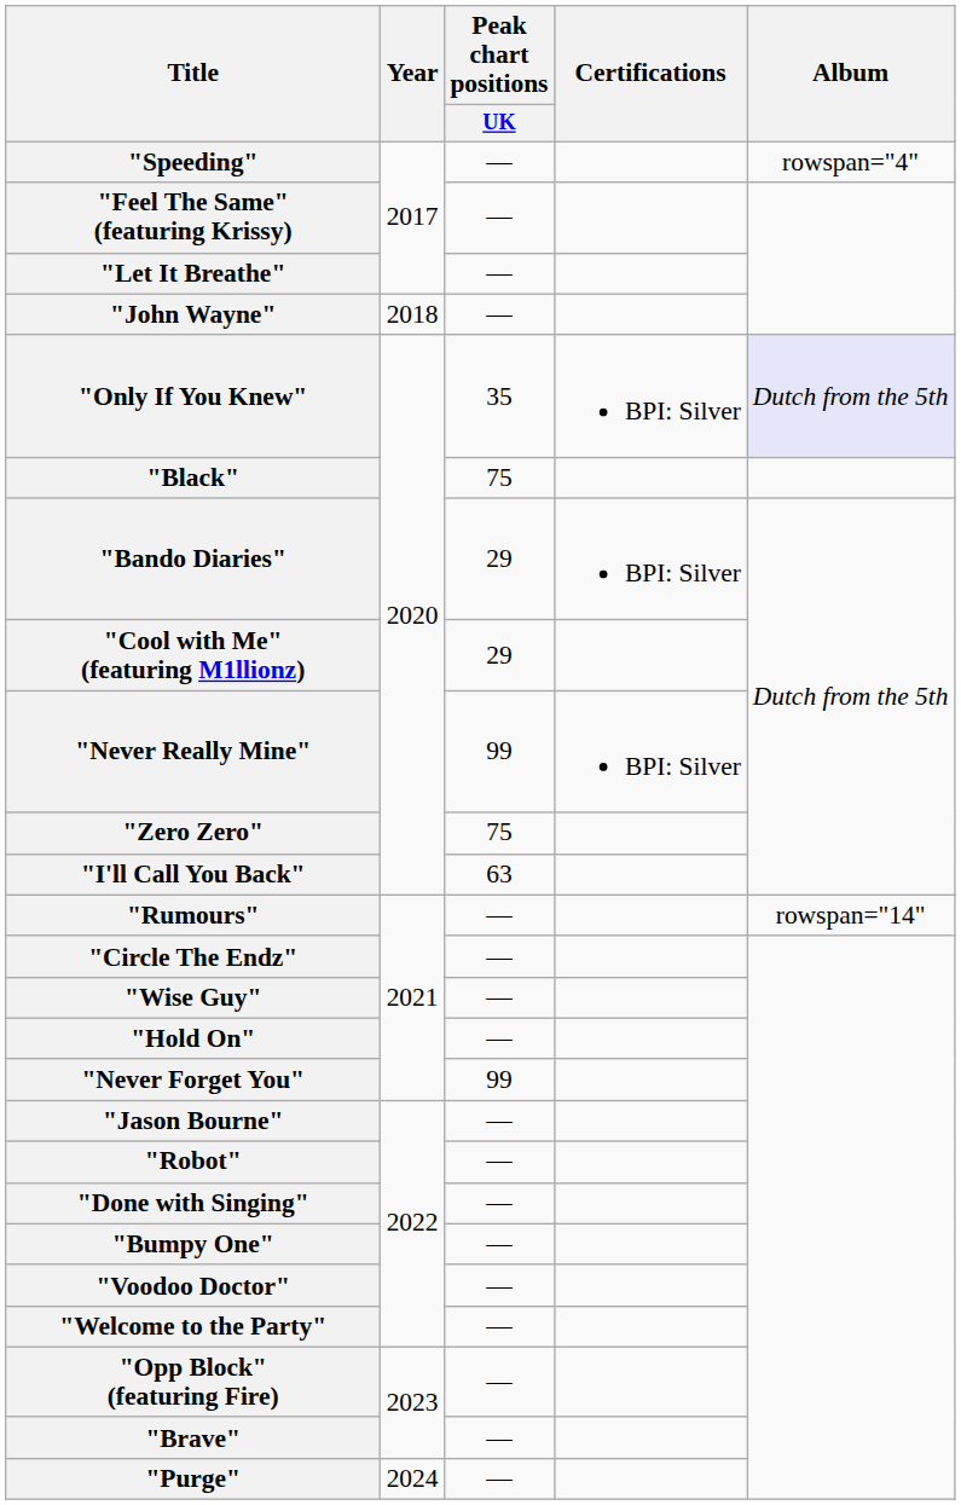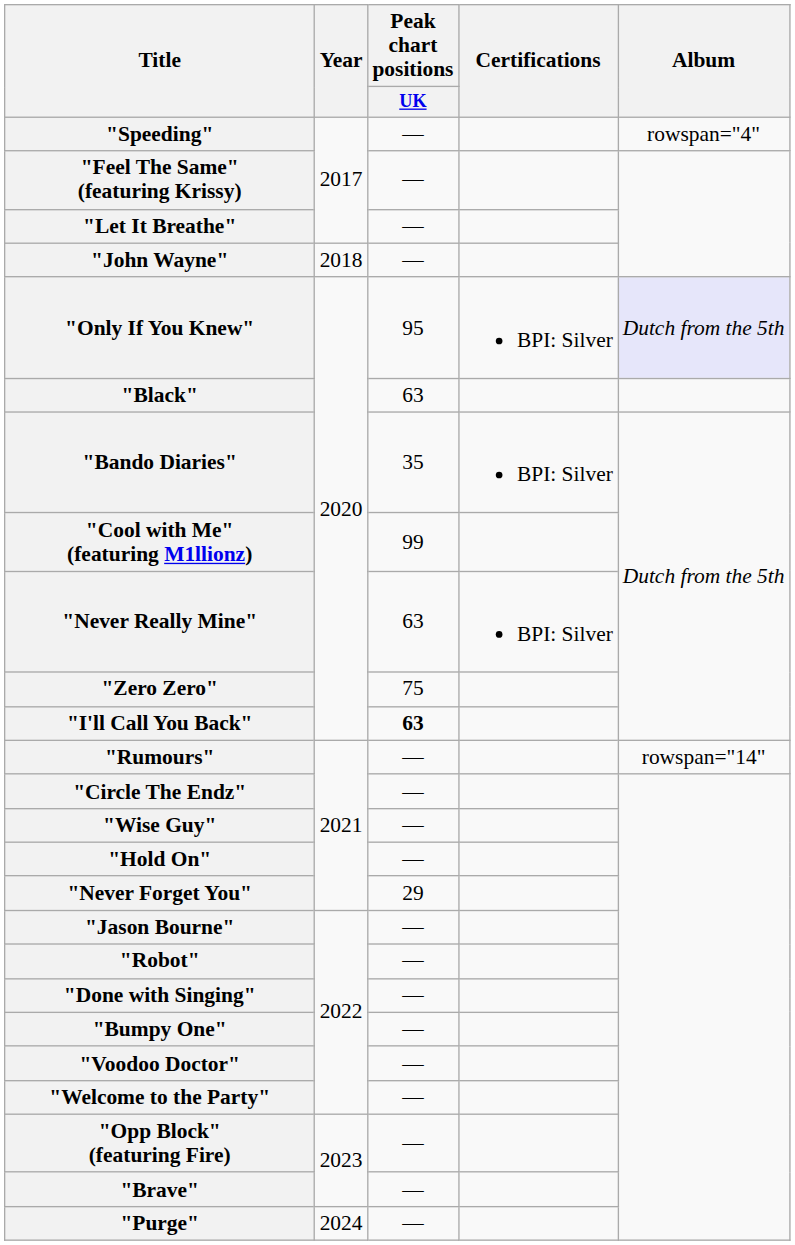 <table class="wikitable plainrowheaders" style="text-align:center;">
 <tr>
 <th scope="col" rowspan="2" style="width:14em;">Title</th>
 <th scope="col" rowspan="2" style="width:1em;">Year</th>
 <th scope="col" colspan="1">Peak chart positions</th>
 <th scope="col" rowspan="2">Certifications</th>
 <th scope="col" rowspan="2">Album</th>
 </tr>
 <tr>
 <th scope="col" style="width:3em;font-size:85%;"><a href='#'>UK</a><br></th>
 </tr>
 <tr>
 <th scope="row">"Speeding"</th>
 <td rowspan="3">2017</td>
 <td>—</td>
 <td></td>
 <td>rowspan="4" </td>
 </tr>
 <tr>
 <th scope="row">"Feel The Same"<br><span>(featuring Krissy)</span></th>
 <td>—</td>
 <td></td>
 </tr>
 <tr>
 <th scope="row">"Let It Breathe"</th>
 <td>—</td>
 <td></td>
 </tr>
 <tr>
 <th scope="row">"John Wayne"</th>
 <td>2018</td>
 <td>—</td>
 <td></td>
 </tr>
 <tr>
 <th scope="row">"Only If You Knew"</th>
 <td rowspan="7">2020</td>
-<td>35</td>
+<td>95</td>
 <td><br><ul><li>BPI: Silver</li></ul></td>
 <td style="background: lavender;"><em>Dutch from the 5th</em></td>
 </tr>
 <tr>
 <th scope="row">"Black"</th>
-<td>75</td>
+<td>63</td>
 <td></td>
 <td></td>
 </tr>
 <tr>
 <th scope="row">"Bando Diaries"</th>
-<td>29</td>
+<td>35</td>
 <td><br><ul><li>BPI: Silver</li></ul></td>
 <td rowspan="5"><em>Dutch from the 5th</em></td>
 </tr>
 <tr>
 <th scope="row">"Cool with Me"<br><span>(featuring <a href='#'>M1llionz</a>)</span></th>
-<td>29</td>
+<td>99</td>
 <td></td>
 </tr>
 <tr>
 <th scope="row">"Never Really Mine"</th>
-<td>99</td>
+<td>63</td>
 <td><br><ul><li>BPI: Silver</li></ul></td>
 </tr>
 <tr>
 <th scope="row">"Zero Zero"</th>
 <td>75</td>
 <td></td>
 </tr>
 <tr>
 <th scope="row">"I'll Call You Back"</th>
-<td>63</td>
+<td><strong>63</strong></td>
 <td></td>
 </tr>
 <tr>
 <th scope="row">"Rumours"</th>
 <td rowspan="5">2021</td>
 <td>—</td>
 <td></td>
 <td>rowspan="14" </td>
 </tr>
 <tr>
 <th scope="row">"Circle The Endz"</th>
 <td>—</td>
 <td></td>
 </tr>
 <tr>
 <th scope="row">"Wise Guy"</th>
 <td>—</td>
 <td></td>
 </tr>
 <tr>
 <th scope="row">"Hold On"</th>
 <td>—</td>
 <td></td>
 </tr>
 <tr>
 <th scope="row">"Never Forget You"</th>
-<td>99</td>
+<td>29</td>
 <td></td>
 </tr>
 <tr>
 <th scope="row">"Jason Bourne"</th>
 <td rowspan="6">2022</td>
 <td>—</td>
 <td></td>
 </tr>
 <tr>
 <th scope="row">"Robot"</th>
 <td>—</td>
 <td></td>
 </tr>
 <tr>
 <th scope="row">"Done with Singing"</th>
 <td>—</td>
 <td></td>
 </tr>
 <tr>
 <th scope="row">"Bumpy One"</th>
 <td>—</td>
 <td></td>
 </tr>
 <tr>
 <th scope="row">"Voodoo Doctor"</th>
 <td>—</td>
 <td></td>
 </tr>
 <tr>
 <th scope="row">"Welcome to the Party"</th>
 <td>—</td>
 <td></td>
 </tr>
 <tr>
 <th scope="row">"Opp Block"<br><span>(featuring Fire)</span></th>
 <td rowspan="2">2023</td>
 <td>—</td>
 <td></td>
 </tr>
 <tr>
 <th scope="row">"Brave"</th>
 <td>—</td>
 <td></td>
 </tr>
 <tr>
 <th scope="row">"Purge"</th>
 <td rowspan="1">2024</td>
 <td>—</td>
 <td></td>
 </tr>
 </table>
